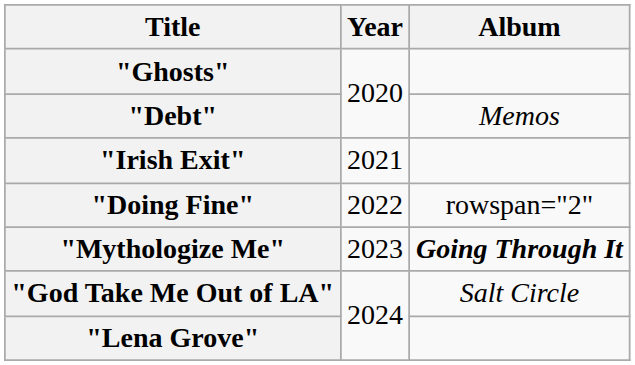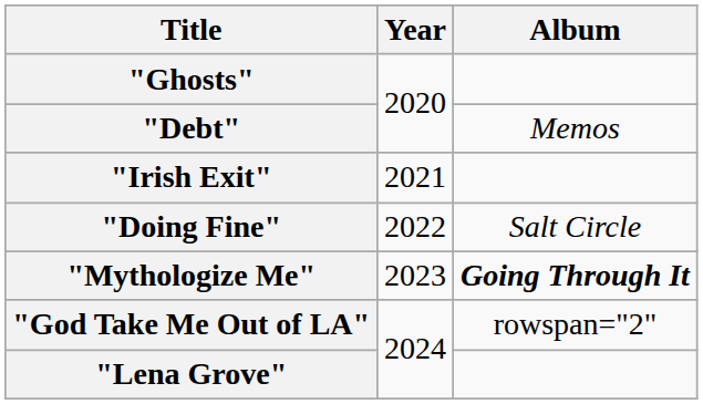 <table class="wikitable plainrowheaders" style="text-align:center">
 <tr>
 <th scope="col">Title</th>
 <th scope="col">Year</th>
 <th scope="col">Album</th>
 </tr>
 <tr>
 <th scope="row">"Ghosts"</th>
 <td rowspan="2">2020</td>
 <td></td>
 </tr>
 <tr>
 <th scope="row">"Debt"</th>
 <td><em>Memos</em></td>
 </tr>
 <tr>
 <th scope="row">"Irish Exit"</th>
 <td>2021</td>
 <td></td>
 </tr>
 <tr>
 <th scope="row">"Doing Fine"</th>
 <td>2022</td>
-<td>rowspan="2" </td>
+<td><em>Salt Circle</em></td>
 </tr>
 <tr>
 <th scope="row">"Mythologize Me"</th>
 <td>2023</td>
 <td><strong><em>Going Through It</em></strong></td>
 </tr>
 <tr>
 <th scope="row">"God Take Me Out of LA"</th>
 <td rowspan="2">2024</td>
-<td><em>Salt Circle</em></td>
+<td>rowspan="2" </td>
 </tr>
 <tr>
 <th scope="row">"Lena Grove" <br> </th>
 </tr>
 </table>
